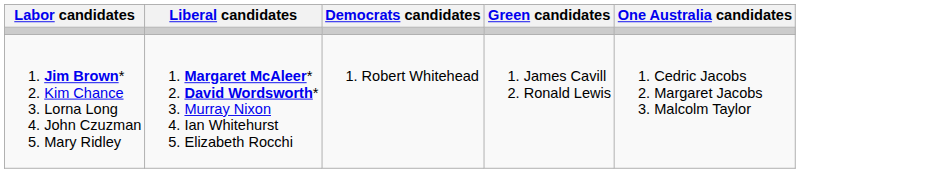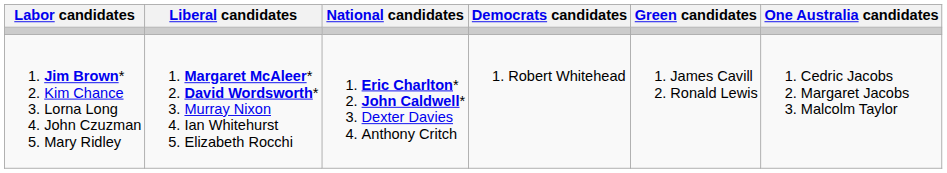 <table class="wikitable">
 <tr>
 <th><a href='#'>Labor</a> candidates</th>
 <th><a href='#'>Liberal</a> candidates</th>
+<th><a href='#'>National</a> candidates</th>
 <th><a href='#'>Democrats</a> candidates</th>
 <th><a href='#'>Green</a> candidates</th>
 <th><a href='#'>One Australia</a> candidates</th>
 </tr>
 <tr bgcolor="#cccccc">
 <td></td>
 <td></td>
 <td></td>
 <td></td>
 <td></td>
+<td></td>
 </tr>
 <tr>
 <td><br><ol><li><strong><a href='#'>Jim Brown</a></strong>*</li><li><a href='#'>Kim Chance</a></li><li>Lorna Long</li><li>John Czuzman</li><li>Mary Ridley</li></ol></td>
 <td><br><ol><li><strong><a href='#'>Margaret McAleer</a></strong>*</li><li><strong><a href='#'>David Wordsworth</a></strong>*</li><li><a href='#'>Murray Nixon</a></li><li>Ian Whitehurst</li><li>Elizabeth Rocchi</li></ol></td>
+<td><br><ol><li><strong><a href='#'>Eric Charlton</a></strong>*</li><li><strong><a href='#'>John Caldwell</a></strong>*</li><li><a href='#'>Dexter Davies</a></li><li>Anthony Critch</li></ol></td>
 <td valign=top><br><ol><li>Robert Whitehead</li></ol></td>
 <td valign=top><br><ol><li>James Cavill</li><li>Ronald Lewis</li></ol></td>
 <td valign=top><br><ol><li>Cedric Jacobs</li><li>Margaret Jacobs</li><li>Malcolm Taylor</li></ol></td>
 </tr>
 </table>
